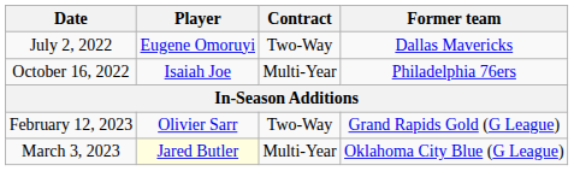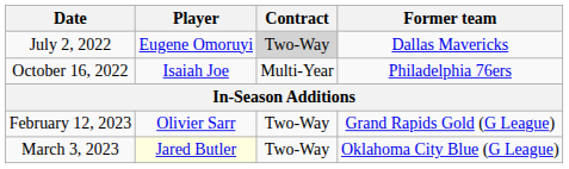 <table class="wikitable" style="text-align: center">
 <tr>
 <th>Date</th>
 <th>Player</th>
 <th>Contract</th>
 <th>Former team</th>
 </tr>
 <tr style="text-align: center">
 <td>July 2, 2022</td>
 <td><a href='#'>Eugene Omoruyi</a></td>
-<td>Two-Way</td>
+<td style="background: lightgrey;">Two-Way</td>
 <td><a href='#'>Dallas Mavericks</a></td>
 </tr>
 <tr style="text-align: center">
 <td>October 16, 2022</td>
 <td><a href='#'>Isaiah Joe</a></td>
 <td>Multi-Year</td>
 <td><a href='#'>Philadelphia 76ers</a></td>
 </tr>
 <tr>
 <th scope="row" colspan="6" style="text-align:center;”">In-Season Additions</th>
 </tr>
 <tr style="text-align: center">
 <td>February 12, 2023</td>
 <td><a href='#'>Olivier Sarr</a></td>
 <td>Two-Way</td>
 <td><a href='#'>Grand Rapids Gold</a> (<a href='#'>G League</a>)</td>
 </tr>
 <tr style="text-align: center">
 <td>March 3, 2023</td>
 <td style="background: lightyellow;"><a href='#'>Jared Butler</a></td>
-<td>Multi-Year</td>
+<td>Two-Way</td>
 <td><a href='#'>Oklahoma City Blue</a> (<a href='#'>G League</a>)</td>
 </tr>
 </table>
